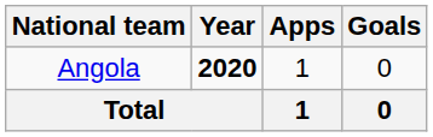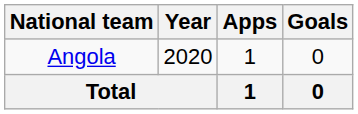 <table class="wikitable" style="text-align:center">
 <tr>
 <th>National team</th>
 <th>Year</th>
 <th>Apps</th>
 <th>Goals</th>
 </tr>
 <tr>
 <td><a href='#'>Angola</a></td>
-<td><strong>2020</strong></td>
+<td>2020</td>
 <td>1</td>
 <td>0</td>
 </tr>
 <tr>
 <th colspan="2">Total</th>
 <th>1</th>
 <th>0</th>
 </tr>
 </table>
